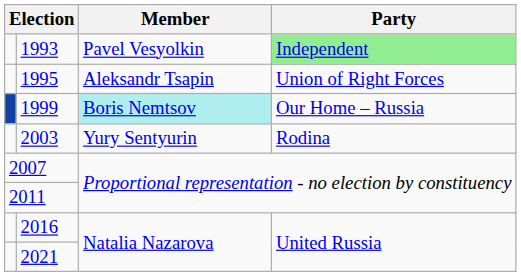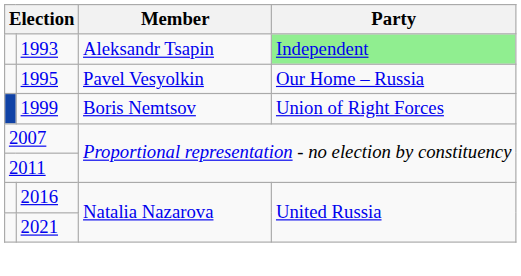 <table class="wikitable">
 <tr>
 <th colspan="2">Election</th>
 <th>Member</th>
 <th>Party</th>
 </tr>
 <tr>
 <td style="background-color:"></td>
 <td><a href='#'>1993</a></td>
-<td><a href='#'>Pavel Vesyolkin</a></td>
+<td><a href='#'>Aleksandr Tsapin</a></td>
 <td style="background: lightgreen;"><a href='#'>Independent</a></td>
 </tr>
 <tr>
 <td style="background-color:"></td>
 <td><a href='#'>1995</a></td>
-<td><a href='#'>Aleksandr Tsapin</a></td>
-<td><a href='#'>Union of Right Forces</a></td>
+<td><a href='#'>Pavel Vesyolkin</a></td>
+<td><a href='#'>Our Home – Russia</a></td>
 </tr>
 <tr>
 <td style="background-color:#1042A5"></td>
 <td><a href='#'>1999</a></td>
-<td style="background: paleturquoise;"><a href='#'>Boris Nemtsov</a></td>
-<td><a href='#'>Our Home – Russia</a></td>
-</tr>
-<tr>
-<td style="background-color: "></td>
-<td><a href='#'>2003</a></td>
-<td><a href='#'>Yury Sentyurin</a></td>
-<td><a href='#'>Rodina</a></td>
+<td><a href='#'>Boris Nemtsov</a></td>
+<td><a href='#'>Union of Right Forces</a></td>
 </tr>
 <tr>
 <td colspan=2><a href='#'>2007</a></td>
 <td colspan=2 rowspan=2><em><a href='#'>Proportional representation</a> - no election by constituency</em></td>
 </tr>
 <tr>
 <td colspan=2><a href='#'>2011</a></td>
 </tr>
 <tr>
 <td style="background-color: "></td>
 <td><a href='#'>2016</a></td>
 <td rowspan=2><a href='#'>Natalia Nazarova</a></td>
 <td rowspan=2><a href='#'>United Russia</a></td>
 </tr>
 <tr>
 <td style="background-color: "></td>
 <td><a href='#'>2021</a></td>
 </tr>
 </table>
